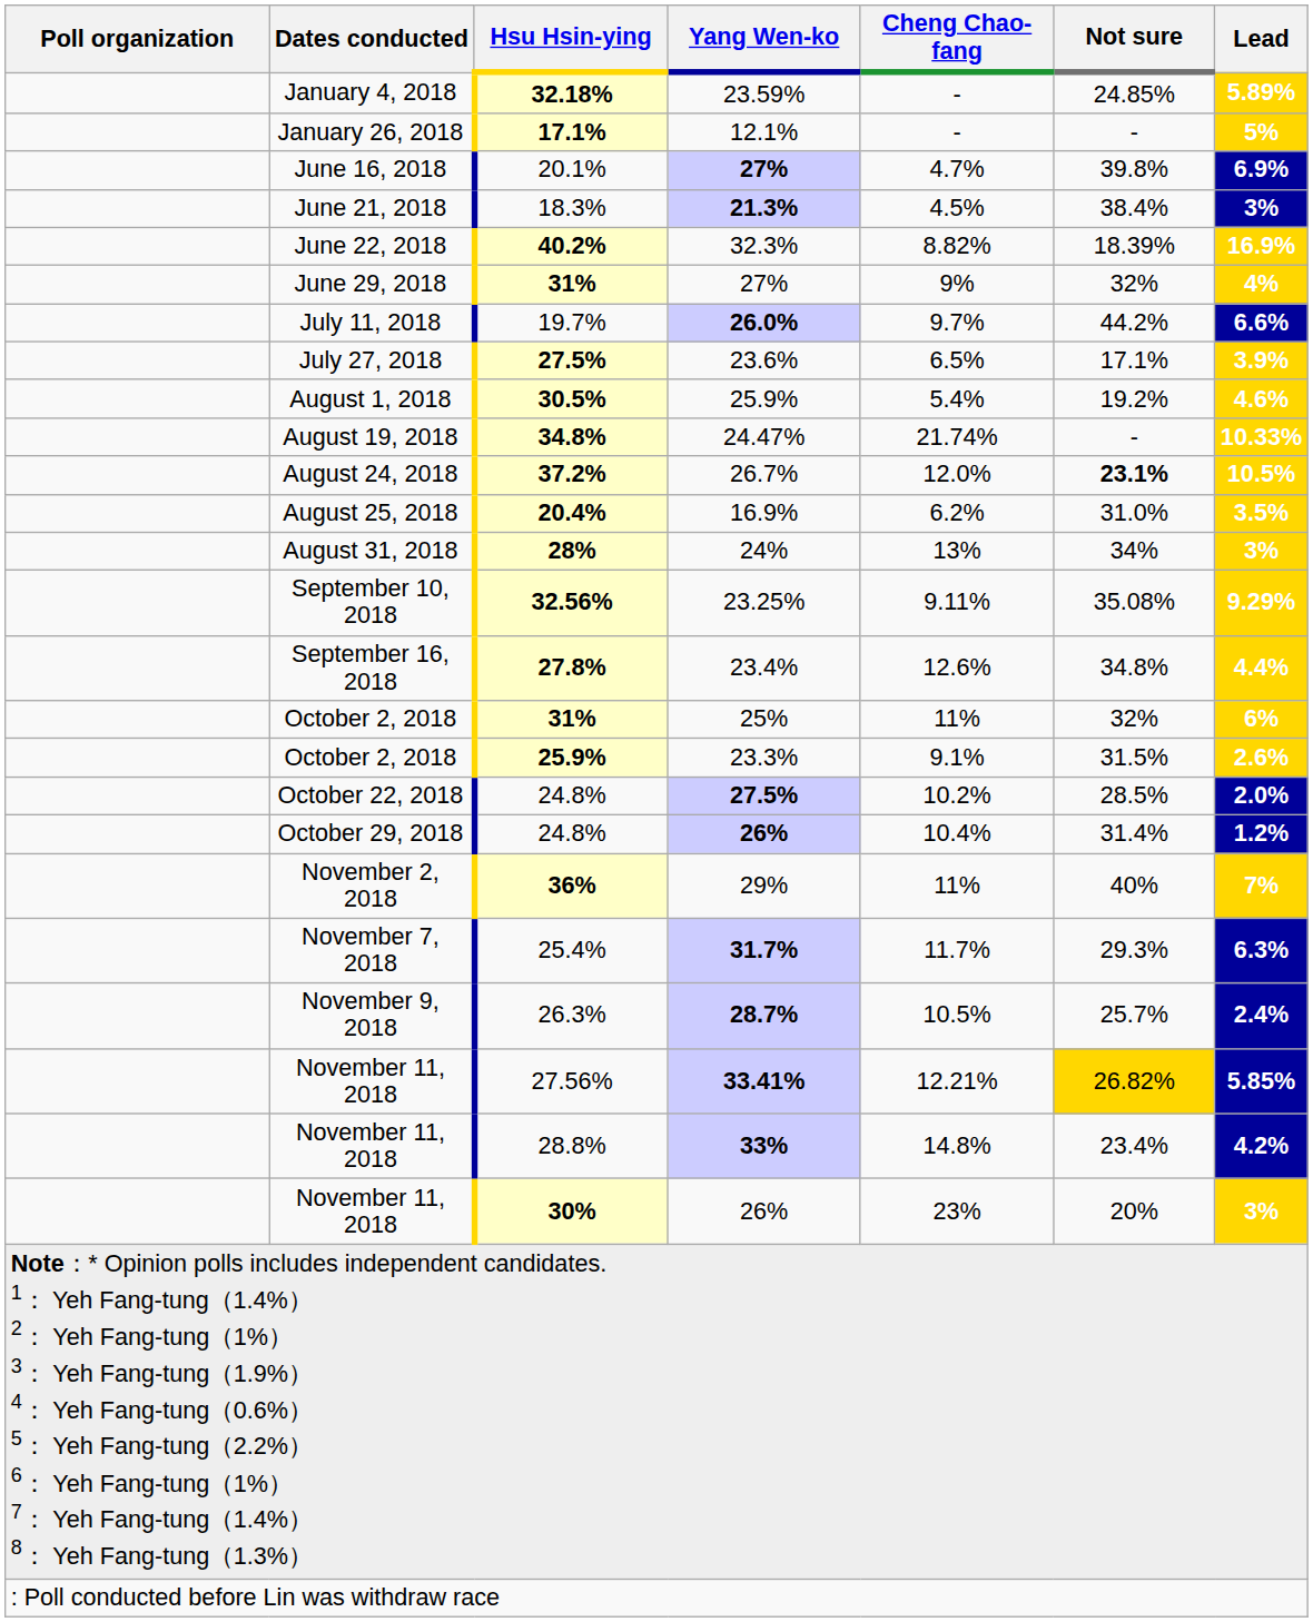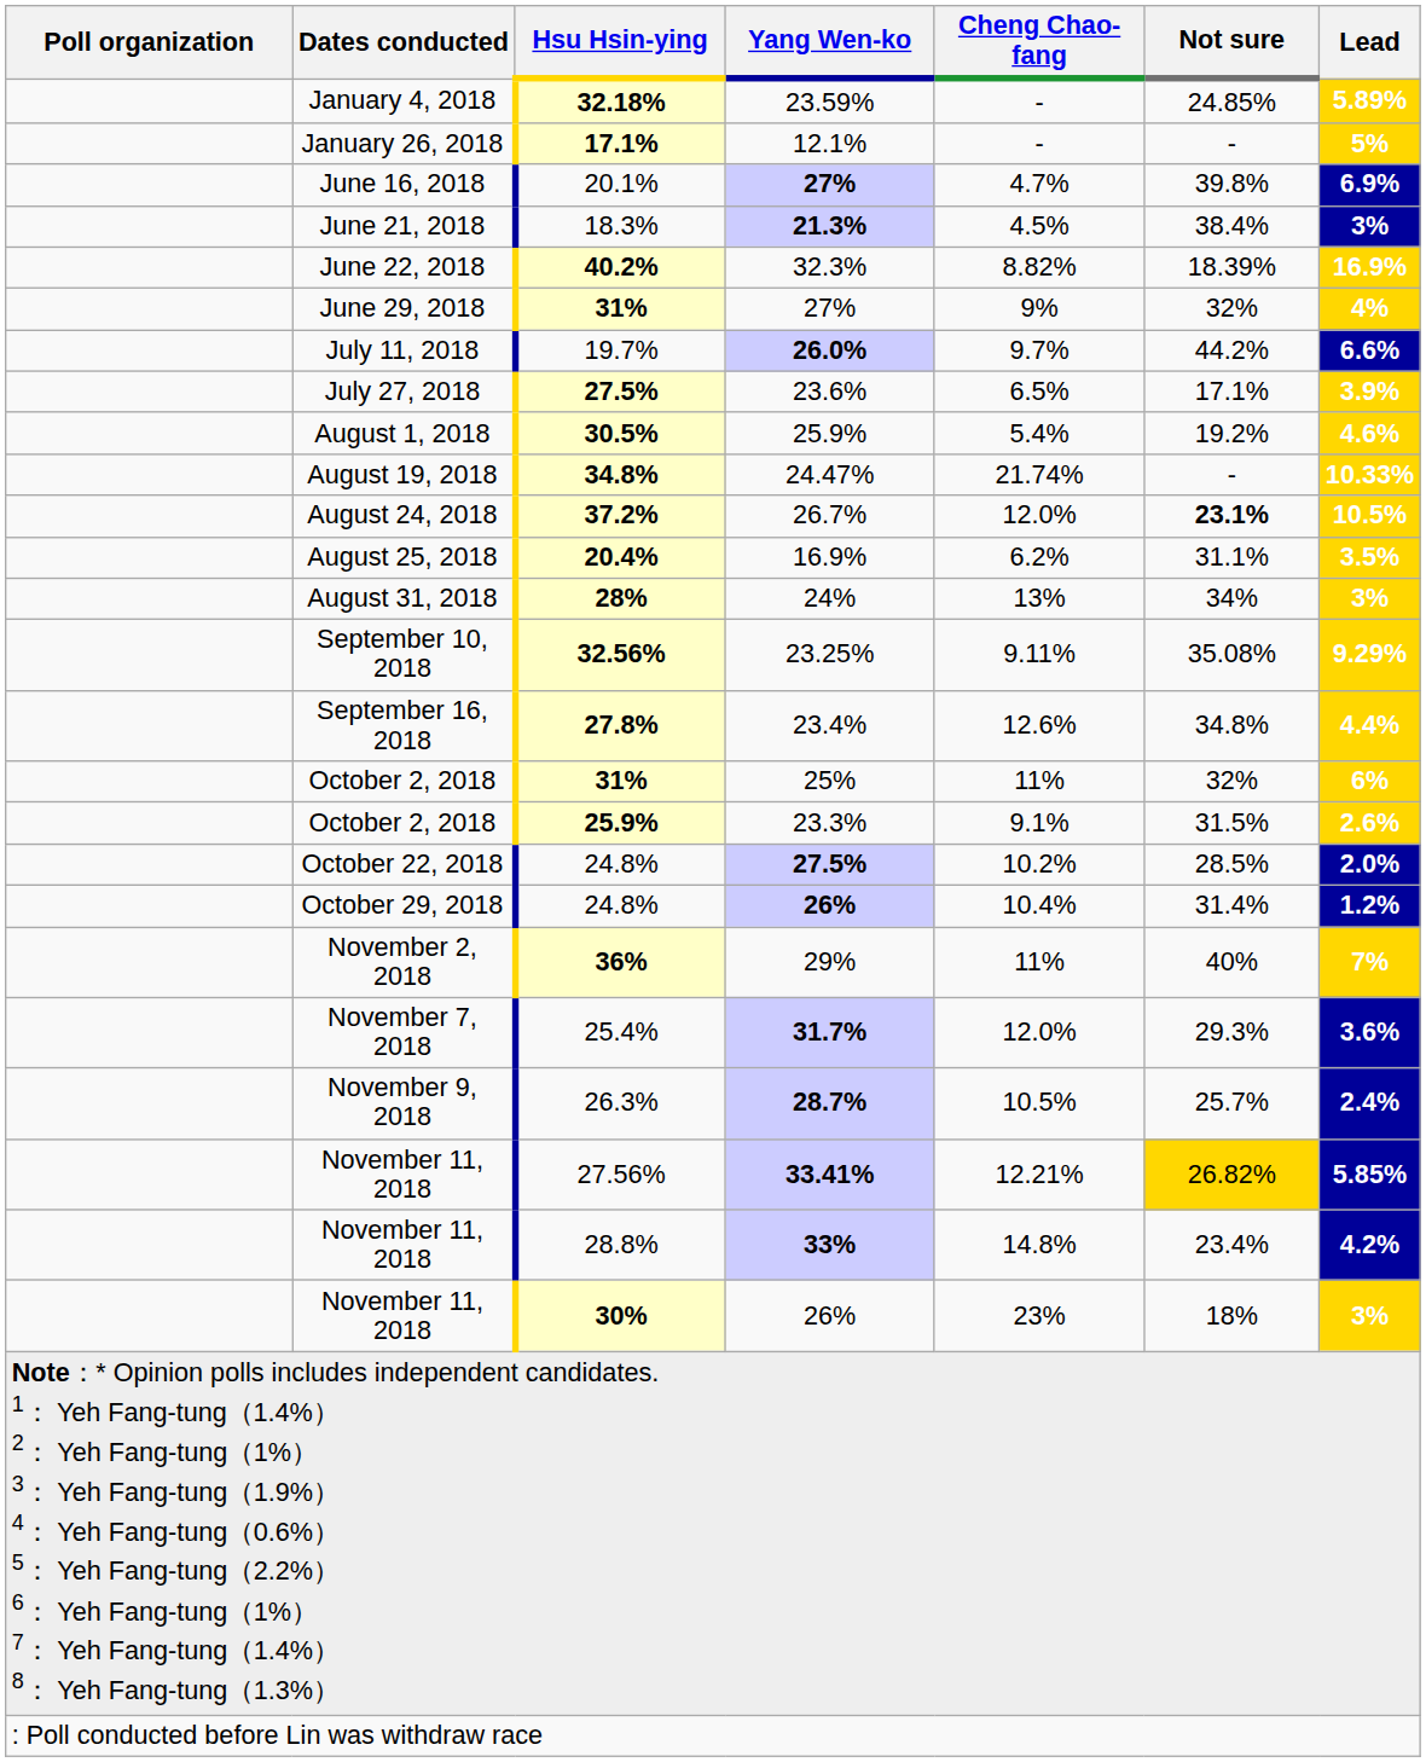 <table class="wikitable collapsible autocollapse" style="text-align:center">
 <tr style="background-color:# E9E9E9">
 <th style="width:200px;">Poll organization</th>
 <th style="width:150px;">Dates conducted</th>
 <th style="width:150px; border-bottom:4px solid #FFD700;"> <a href='#'>Hsu Hsin-ying</a></th>
 <th style="width:150px; border-bottom:4px solid #000099;"> <a href='#'>Yang Wen-ko</a></th>
 <th style="width:150px; border-bottom:4px solid #1B9431;"> <a href='#'>Cheng Chao-fang</a></th>
 <th style="width:120px; border-bottom:4px solid #707070;"> Not sure</th>
 <th style="width:40px;">Lead</th>
 </tr>
 <tr>
 <td> </td>
 <td>January 4, 2018</td>
 <td style="background-color:#ffffc8; border-left:4px solid #FFD700;"><strong>32.18%</strong></td>
 <td>23.59%</td>
 <td>-</td>
 <td>24.85%</td>
 <td style="background:#FFD700; color:white"><strong>5.89%</strong></td>
 </tr>
 <tr>
 <td></td>
 <td>January 26, 2018</td>
 <td style="background-color:#ffffc8; border-left:4px solid #FFD700;"><strong>17.1%</strong></td>
 <td>12.1%</td>
 <td>-</td>
 <td>-</td>
 <td style="background:#FFD700; color:white"><strong>5%</strong></td>
 </tr>
 <tr>
 <td></td>
 <td>June 16, 2018</td>
 <td style="border-left:4px solid #000099;">20.1%</td>
 <td style="background-color:#CCCCFF;"><strong>27%</strong></td>
 <td>4.7%</td>
 <td>39.8%</td>
 <td style="background:#000099; color:white"><strong>6.9%</strong></td>
 </tr>
 <tr>
 <td></td>
 <td>June 21, 2018</td>
 <td style="border-left:4px solid #000099;">18.3%</td>
 <td style="background-color:#CCCCFF;"><strong>21.3%</strong></td>
 <td>4.5%</td>
 <td>38.4%</td>
 <td style="background:#000099; color:white"><strong>3%</strong></td>
 </tr>
 <tr>
 <td></td>
 <td>June 22, 2018</td>
 <td style="background-color:#ffffc8; border-left:4px solid #FFD700;"><strong>40.2%</strong></td>
 <td>32.3%</td>
 <td>8.82%</td>
 <td>18.39%</td>
 <td style="background:#FFD700; color:white"><strong>16.9%</strong></td>
 </tr>
 <tr>
 <td></td>
 <td>June 29, 2018</td>
 <td style="background-color:#ffffc8; border-left:4px solid #FFD700;"><strong>31%</strong></td>
 <td>27%</td>
 <td>9%</td>
 <td>32%</td>
 <td style="background:#FFD700; color:white"><strong>4%</strong></td>
 </tr>
 <tr>
 <td></td>
 <td>July 11, 2018</td>
 <td style="border-left:4px solid #000099;">19.7%</td>
 <td style="background-color:#CCCCFF;"><strong>26.0%</strong></td>
 <td>9.7%</td>
 <td>44.2%</td>
 <td style="background:#000099; color:white"><strong>6.6%</strong></td>
 </tr>
 <tr>
 <td></td>
 <td>July 27, 2018</td>
 <td style="background-color:#ffffc8; border-left:4px solid #FFD700;"><strong>27.5%</strong></td>
 <td>23.6%</td>
 <td>6.5%</td>
 <td>17.1%</td>
 <td style="background:#FFD700; color:white"><strong>3.9%</strong></td>
 </tr>
 <tr>
 <td></td>
 <td>August 1, 2018</td>
 <td style="background-color:#ffffc8; border-left:4px solid #FFD700;"><strong>30.5%</strong></td>
 <td>25.9%</td>
 <td>5.4%</td>
 <td>19.2%</td>
 <td style="background:#FFD700; color:white"><strong>4.6%</strong></td>
 </tr>
 <tr>
 <td></td>
 <td>August 19, 2018</td>
 <td style="background-color:#ffffc8; border-left:4px solid #FFD700;"><strong>34.8%</strong></td>
 <td>24.47%</td>
 <td>21.74%</td>
 <td>-</td>
 <td style="background:#FFD700; color:white"><strong>10.33%</strong></td>
 </tr>
 <tr>
 <td></td>
 <td>August 24, 2018</td>
 <td style="background-color:#ffffc8; border-left:4px solid #FFD700;"><strong>37.2%</strong></td>
 <td>26.7%</td>
 <td>12.0%</td>
 <td><strong>23.1%</strong></td>
 <td style="background:#FFD700; color:white"><strong>10.5%</strong></td>
 </tr>
 <tr>
 <td></td>
 <td>August 25, 2018</td>
 <td style="background-color:#ffffc8; border-left:4px solid #FFD700;"><strong>20.4%</strong></td>
 <td>16.9%</td>
 <td>6.2%</td>
-<td>31.0%</td>
+<td>31.1%</td>
 <td style="background:#FFD700; color:white"><strong>3.5%</strong></td>
 </tr>
 <tr>
 <td></td>
 <td>August 31, 2018</td>
 <td style="background-color:#ffffc8; border-left:4px solid #FFD700;"><strong>28%</strong></td>
 <td>24%</td>
 <td>13%</td>
 <td>34%</td>
 <td style="background:#FFD700; color:white"><strong>3%</strong></td>
 </tr>
 <tr>
 <td> </td>
 <td>September 10, 2018</td>
 <td style="background-color:#ffffc8; border-left:4px solid #FFD700;"><strong>32.56%</strong></td>
 <td>23.25%</td>
 <td>9.11%</td>
 <td>35.08%</td>
 <td style="background:#FFD700; color:white"><strong>9.29%</strong></td>
 </tr>
 <tr>
 <td> </td>
 <td>September 16, 2018</td>
 <td style="background-color:#ffffc8; border-left:4px solid #FFD700;"><strong>27.8%</strong></td>
 <td>23.4%</td>
 <td>12.6%</td>
 <td>34.8%</td>
 <td style="background:#FFD700; color:white"><strong>4.4%</strong></td>
 </tr>
 <tr>
 <td></td>
 <td>October 2, 2018</td>
 <td style="background-color:#ffffc8; border-left:4px solid #FFD700;"><strong>31%</strong></td>
 <td>25%</td>
 <td>11%</td>
 <td>32%</td>
 <td style="background:#FFD700; color:white"><strong>6%</strong></td>
 </tr>
 <tr>
 <td></td>
 <td>October 2, 2018</td>
 <td style="background-color:#ffffc8; border-left:4px solid #FFD700;"><strong>25.9%</strong></td>
 <td>23.3%</td>
 <td>9.1%</td>
 <td>31.5%</td>
 <td style="background:#FFD700; color:white"><strong>2.6%</strong></td>
 </tr>
 <tr>
 <td></td>
 <td>October 22, 2018</td>
 <td style="border-left:4px solid #000099;">24.8%</td>
 <td style="background-color:#CCCCFF;"><strong>27.5%</strong></td>
 <td>10.2%</td>
 <td>28.5%</td>
 <td style="background:#000099; color:white"><strong>2.0%</strong></td>
 </tr>
 <tr>
 <td> </td>
 <td>October 29, 2018</td>
 <td style="border-left:4px solid #000099;">24.8%</td>
 <td style="background-color:#CCCCFF;"><strong>26%</strong></td>
 <td>10.4%</td>
 <td>31.4%</td>
 <td style="background:#000099; color:white"><strong>1.2%</strong></td>
 </tr>
 <tr>
 <td></td>
 <td>November 2, 2018</td>
 <td style="background-color:#ffffc8; border-left:4px solid #FFD700;"><strong>36%</strong></td>
 <td>29%</td>
 <td>11%</td>
 <td>40%</td>
 <td style="background:#FFD700; color:white"><strong>7%</strong></td>
 </tr>
 <tr>
 <td></td>
 <td>November 7, 2018</td>
 <td style="border-left:4px solid #000099;">25.4%</td>
 <td style="background-color:#CCCCFF;"><strong>31.7%</strong></td>
-<td>11.7%</td>
+<td>12.0%</td>
 <td>29.3%</td>
-<td style="background:#000099; color:white"><strong>6.3%</strong></td>
+<td style="background:#000099; color:white"><strong>3.6%</strong></td>
 </tr>
 <tr>
 <td></td>
 <td>November 9, 2018</td>
 <td style="border-left:4px solid #000099;">26.3%</td>
 <td style="background-color:#CCCCFF;"><strong>28.7%</strong></td>
 <td>10.5%</td>
 <td>25.7%</td>
 <td style="background:#000099; color:white"><strong>2.4%</strong></td>
 </tr>
 <tr>
 <td></td>
 <td>November 11, 2018</td>
 <td style="border-left:4px solid #000099;">27.56%</td>
 <td style="background-color:#CCCCFF;"><strong>33.41%</strong></td>
 <td>12.21%</td>
 <td style="background: gold;">26.82%</td>
 <td style="background:#000099; color:white"><strong>5.85%</strong></td>
 </tr>
 <tr>
 <td></td>
 <td>November 11, 2018</td>
 <td style="border-left:4px solid #000099;">28.8%</td>
 <td style="background-color:#CCCCFF;"><strong>33%</strong></td>
 <td>14.8%</td>
 <td>23.4%</td>
 <td style="background:#000099; color:white"><strong>4.2%</strong></td>
 </tr>
 <tr>
 <td></td>
 <td>November 11, 2018</td>
 <td style="background-color:#ffffc8; border-left:4px solid #FFD700;"><strong>30%</strong></td>
 <td>26%</td>
 <td>23%</td>
-<td>20%</td>
+<td>18%</td>
 <td style="background:#FFD700; color:white"><strong>3%</strong></td>
 </tr>
 <tr>
 <td colspan="8" style="background-color:#EEEEEE;" align=left><div><strong>Note</strong>：* Opinion polls includes independent candidates.<br><sup>1</sup>： Yeh Fang-tung（1.4%）<br> <sup>2</sup>： Yeh Fang-tung（1%）<br> <sup>3</sup>： Yeh Fang-tung（1.9%）<br> <sup>4</sup>： Yeh Fang-tung（0.6%）<br> <sup>5</sup>： Yeh Fang-tung（2.2%）<br> <sup>6</sup>： Yeh Fang-tung（1%）<br> <sup>7</sup>： Yeh Fang-tung（1.4%）<br> <sup>8</sup>： Yeh Fang-tung（1.3%）<br> </div></td>
 </tr>
 <tr>
 <td colspan="7" style="text-align:left;">: Poll conducted before Lin was withdraw race</td>
 </tr>
 </table>
